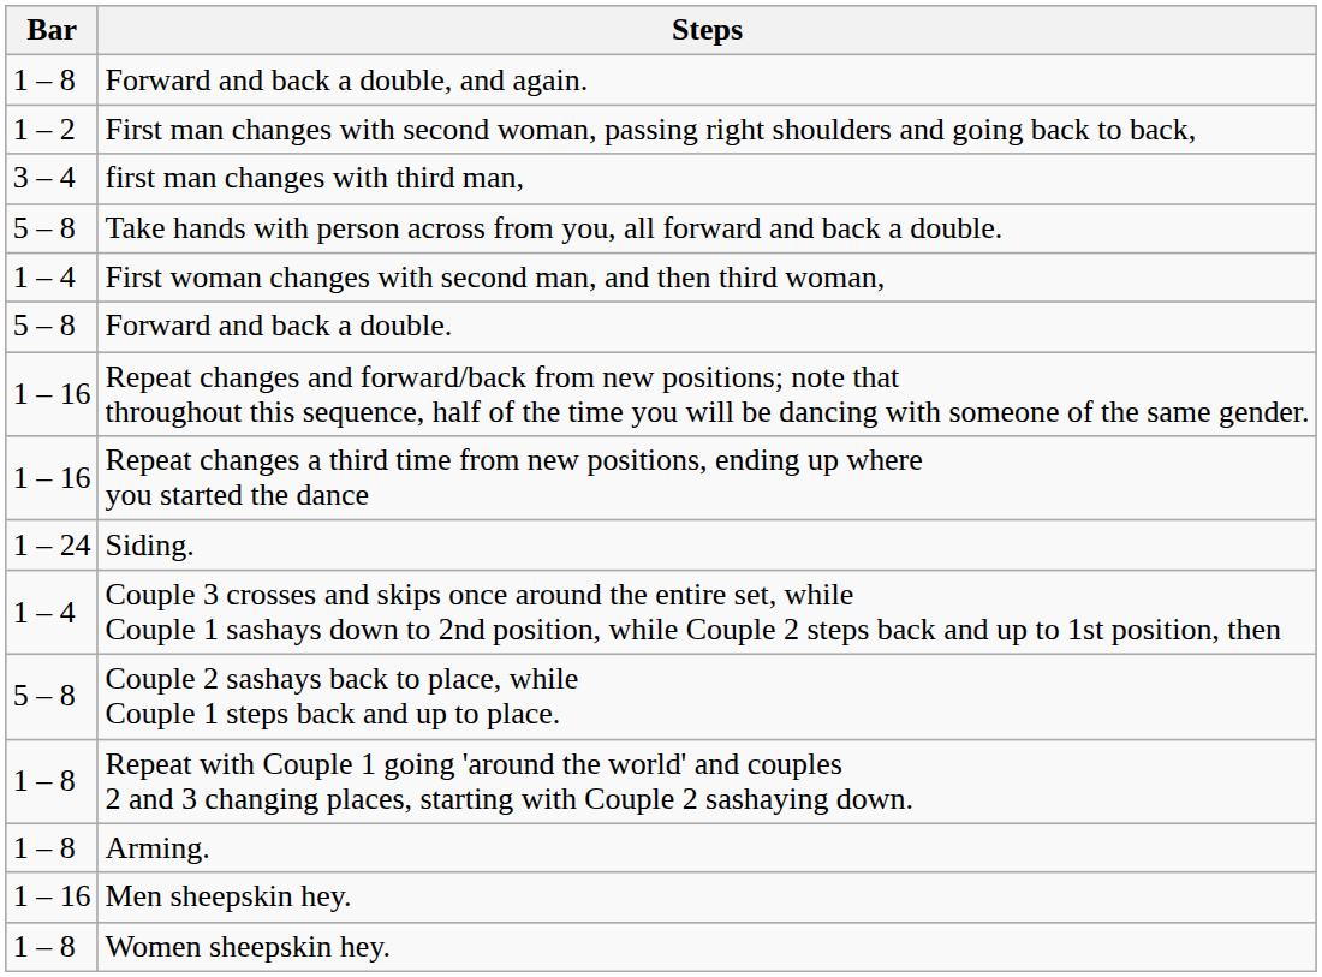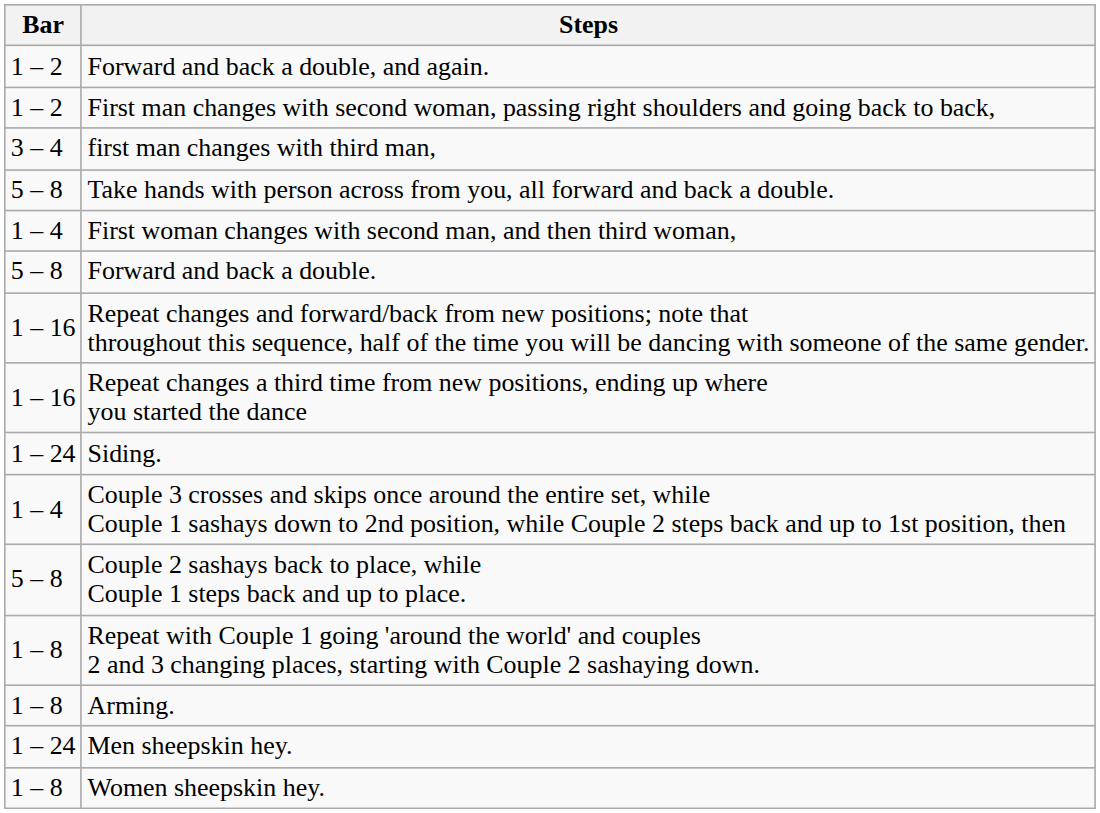 <table class="wikitable">
 <tr>
 <th>Bar</th>
 <th>Steps</th>
 </tr>
 <tr>
-<td>1 – 8</td>
+<td>1 – 2</td>
 <td>Forward and back a double, and again.</td>
 </tr>
 <tr>
 <td>1 – 2</td>
 <td>First man changes with second woman, passing right shoulders and going back to back,</td>
 </tr>
 <tr>
 <td>3 – 4</td>
 <td>first man changes with third man,</td>
 </tr>
 <tr>
 <td>5 – 8</td>
 <td>Take hands with person across from you, all forward and back a double.</td>
 </tr>
 <tr>
 <td>1 – 4</td>
 <td>First woman changes with second man, and then third woman,</td>
 </tr>
 <tr>
 <td>5 – 8</td>
 <td>Forward and back a double.</td>
 </tr>
 <tr>
 <td>1 – 16</td>
 <td>Repeat changes and forward/back from new positions; note that<br>throughout this sequence, half of the time you will be dancing with someone of the same gender.</td>
 </tr>
 <tr>
 <td>1 – 16</td>
 <td>Repeat changes a third time from new positions, ending up where<br>you started the dance</td>
 </tr>
 <tr>
 <td>1 – 24</td>
 <td>Siding.</td>
 </tr>
 <tr>
 <td>1 – 4</td>
 <td>Couple 3 crosses and skips once around the entire set, while<br>Couple 1 sashays down to 2nd position, while Couple 2 steps back and up to 1st position, then</td>
 </tr>
 <tr>
 <td>5 – 8</td>
 <td>Couple 2 sashays back to place, while<br>Couple 1 steps back and up to place.</td>
 </tr>
 <tr>
 <td>1 – 8</td>
 <td>Repeat with Couple 1 going 'around the world' and couples<br>2 and 3 changing places, starting with Couple 2 sashaying down.</td>
 </tr>
 <tr>
 <td>1 – 8</td>
 <td>Arming.</td>
 </tr>
 <tr>
-<td>1 – 16</td>
+<td>1 – 24</td>
 <td>Men sheepskin hey.</td>
 </tr>
 <tr>
 <td>1 – 8</td>
 <td>Women sheepskin hey.</td>
 </tr>
 </table>
